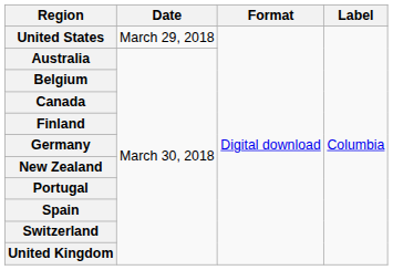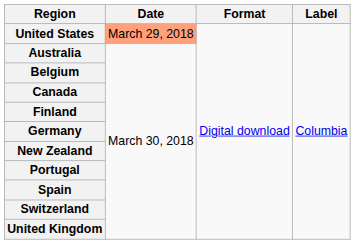 <table class="wikitable plainrowheaders">
 <tr>
 <th scope="col">Region</th>
 <th scope="col">Date</th>
 <th scope="col">Format</th>
 <th scope="col">Label</th>
 </tr>
 <tr>
 <th scope="row">United States</th>
-<td>March 29, 2018</td>
+<td style="background: lightsalmon;">March 29, 2018</td>
 <td rowspan="12"><a href='#'>Digital download</a></td>
 <td rowspan="12"><a href='#'>Columbia</a></td>
 </tr>
 <tr>
 <th scope="row">Australia</th>
 <td rowspan="11">March 30, 2018</td>
 </tr>
 <tr>
 <th scope="row">Belgium</th>
 </tr>
 <tr>
 <th scope="row">Canada</th>
 </tr>
 <tr>
 <th scope="row">Finland</th>
 </tr>
 <tr>
 <th scope="row">Germany</th>
 </tr>
 <tr>
 <th scope="row">New Zealand</th>
 </tr>
 <tr>
 <th scope="row">Portugal</th>
 </tr>
 <tr>
 <th scope="row">Spain</th>
 </tr>
 <tr>
 <th scope="row">Switzerland</th>
 </tr>
 <tr>
 <th scope="row">United Kingdom</th>
 </tr>
 </table>
